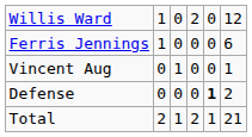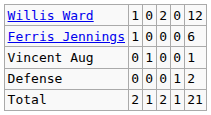 <table class="wikitable">
 <tr>
 </tr>
 <tr>
 <td><a href='#'>Willis Ward</a></td>
 <td>1</td>
 <td>0</td>
 <td>2</td>
 <td>0</td>
 <td>12</td>
 </tr>
 <tr>
 <td><a href='#'>Ferris Jennings</a></td>
 <td>1</td>
 <td>0</td>
 <td>0</td>
 <td>0</td>
 <td>6</td>
 </tr>
 <tr>
 <td>Vincent Aug</td>
 <td>0</td>
 <td>1</td>
 <td>0</td>
 <td>0</td>
 <td>1</td>
 </tr>
 <tr>
 <td>Defense</td>
 <td>0</td>
 <td>0</td>
 <td>0</td>
-<td><strong>1</strong></td>
+<td>1</td>
 <td>2</td>
 </tr>
 <tr>
 <td>Total</td>
 <td>2</td>
 <td>1</td>
 <td>2</td>
 <td>1</td>
 <td>21</td>
 </tr>
 <tr>
 </tr>
 </table>
